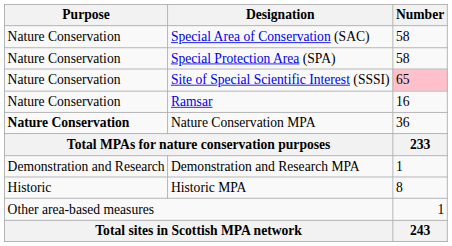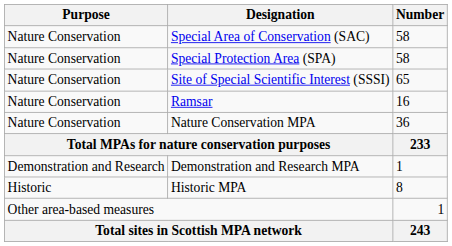 <table class="wikitable sortable col3right">
 <tr>
 <th>Purpose</th>
 <th>Designation</th>
 <th>Number</th>
 </tr>
 <tr>
 <td>Nature Conservation</td>
 <td><a href='#'>Special Area of Conservation</a> (SAC)</td>
 <td>58</td>
 </tr>
 <tr>
 <td>Nature Conservation</td>
 <td><a href='#'>Special Protection Area</a> (SPA)</td>
 <td>58</td>
 </tr>
 <tr>
 <td>Nature Conservation</td>
 <td><a href='#'>Site of Special Scientific Interest</a> (SSSI)</td>
-<td style="background: pink;">65</td>
+<td>65</td>
 </tr>
 <tr>
 <td>Nature Conservation</td>
 <td><a href='#'>Ramsar</a></td>
 <td>16</td>
 </tr>
 <tr>
-<td><strong>Nature Conservation</strong></td>
+<td>Nature Conservation</td>
 <td>Nature Conservation MPA</td>
 <td>36</td>
 </tr>
 <tr style="border-top: 2px black;">
 <th colspan="2">Total MPAs for nature conservation purposes</th>
 <th>233</th>
 </tr>
 <tr>
 <td>Demonstration and Research</td>
 <td>Demonstration and Research MPA</td>
 <td>1</td>
 </tr>
 <tr>
 <td>Historic</td>
 <td>Historic MPA</td>
 <td>8</td>
 </tr>
 <tr>
 <td colspan="2">Other area-based measures</td>
 <td style="text-align:right;">1</td>
 </tr>
 <tr>
 <th colspan="2">Total sites in Scottish MPA network</th>
 <th>243</th>
 </tr>
 </table>
